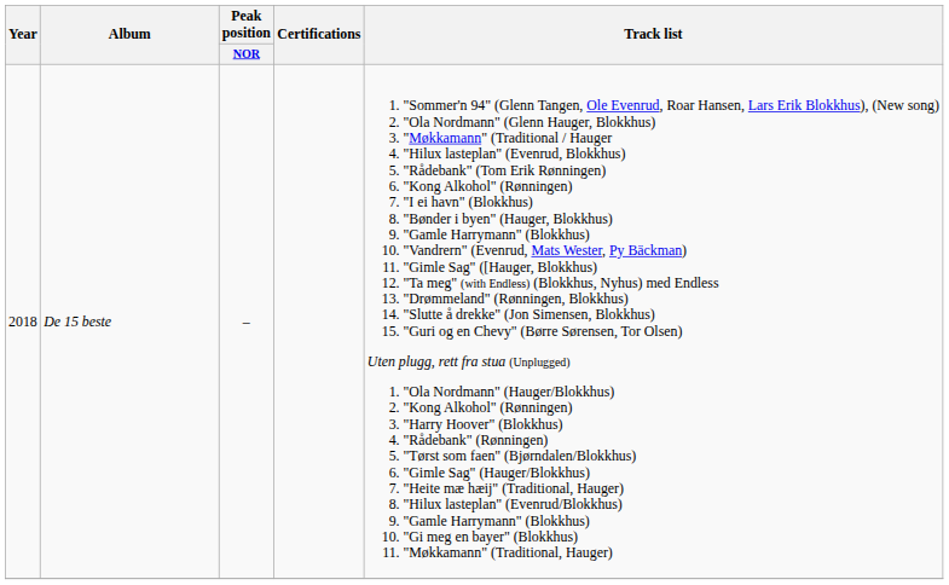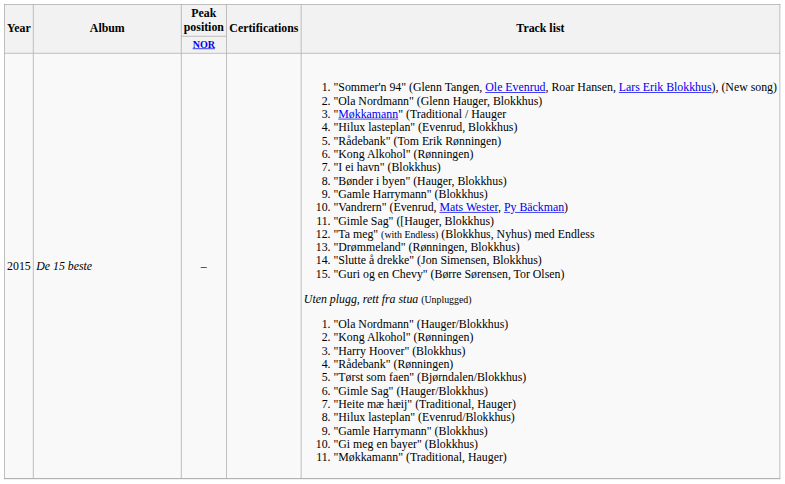 <table class="wikitable plainrowheaders" style="text-align:center;">
 <tr>
 <th scope="col" rowspan="2">Year</th>
 <th scope="col" rowspan="2" style="width:12em;">Album</th>
 <th scope="col">Peak position</th>
 <th scope="col" rowspan="2">Certifications</th>
 <th scope="col" rowspan="2">Track list</th>
 </tr>
 <tr>
 <th scope="col" style="width:3em;font-size:85%;"><a href='#'>NOR</a><br></th>
 </tr>
 <tr>
-<td>2018</td>
+<td>2015</td>
 <td style="text-align:left;"><em>De 15 beste</em></td>
 <td>–</td>
 <td style="text-align:left;"></td>
 <td style="text-align:left;"><br><ol><li>"Sommer'n 94" (Glenn Tangen, <a href='#'>Ole Evenrud</a>, Roar Hansen, <a href='#'>Lars Erik Blokkhus</a>), (New song)</li><li>"Ola Nordmann" (Glenn Hauger, Blokkhus)</li><li>"<a href='#'>Møkkamann</a>" (Traditional / Hauger</li><li>"Hilux lasteplan" (Evenrud, Blokkhus)</li><li>"Rådebank" (Tom Erik Rønningen)</li><li>"Kong Alkohol" (Rønningen)</li><li>"I ei havn" (Blokkhus)</li><li>"Bønder i byen" (Hauger, Blokkhus)</li><li>"Gamle Harrymann" (Blokkhus)</li><li>"Vandrern" (Evenrud, <a href='#'>Mats Wester</a>, <a href='#'>Py Bäckman</a>)</li><li>"Gimle Sag" ([Hauger, Blokkhus)</li><li>"Ta meg" <small>(with Endless)</small> (Blokkhus, Nyhus) med Endless</li><li>"Drømmeland" (Rønningen, Blokkhus)</li><li>"Slutte å drekke" (Jon Simensen, Blokkhus)</li><li>"Guri og en Chevy" (Børre Sørensen, Tor Olsen)</li></ol><em>Uten plugg, rett fra stua</em> <small>(Unplugged)</small><ol><li>"Ola Nordmann" (Hauger/Blokkhus)</li><li>"Kong Alkohol" (Rønningen)</li><li>"Harry Hoover" (Blokkhus)</li><li>"Rådebank" (Rønningen)</li><li>"Tørst som faen" (Bjørndalen/Blokkhus)</li><li>"Gimle Sag" (Hauger/Blokkhus)</li><li>"Heite mæ hæij" (Traditional, Hauger)</li><li>"Hilux lasteplan" (Evenrud/Blokkhus)</li><li>"Gamle Harrymann" (Blokkhus)</li><li>"Gi meg en bayer" (Blokkhus)</li><li>"Møkkamann" (Traditional, Hauger)</li></ol></td>
 </tr>
 <tr>
 </tr>
 </table>
